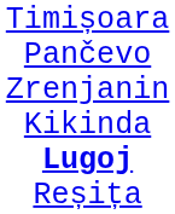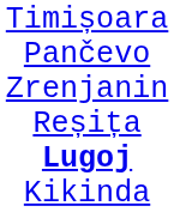 <table cellspacing="0" cellpadding="0" style="margin: 0 0 1em 1em; text-align:center; width:150px; float:right;">
 <tr>
 <td></td>
 </tr>
 <tr>
 <td><a href='#'>Timișoara</a></td>
 </tr>
 <tr>
 <td></td>
 </tr>
 <tr>
 <td><a href='#'>Pančevo</a></td>
 </tr>
 <tr>
 <td></td>
 </tr>
 <tr>
 <td><a href='#'>Zrenjanin</a></td>
 </tr>
 <tr>
 <td></td>
 </tr>
 <tr>
-<td><a href='#'>Kikinda</a></td>
+<td><a href='#'>Reșița</a></td>
 </tr>
 <tr>
 <td></td>
 </tr>
 <tr>
 <td><strong><a href='#'>Lugoj</a></strong></td>
 </tr>
 <tr>
 <td></td>
 </tr>
 <tr>
-<td><a href='#'>Reșița</a></td>
+<td><a href='#'>Kikinda</a></td>
 </tr>
 </table>
